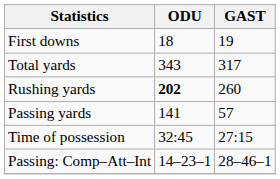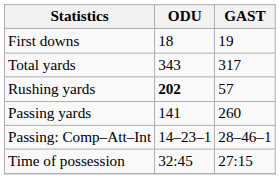 <table class="wikitable" style="float: left;">
 <tr>
 <th>Statistics</th>
 <th>ODU</th>
 <th>GAST</th>
 </tr>
 <tr>
 <td>First downs</td>
 <td>18</td>
 <td>19</td>
 </tr>
 <tr>
 <td>Total yards</td>
 <td>343</td>
 <td>317</td>
 </tr>
 <tr>
 <td>Rushing yards</td>
 <td><strong>202</strong></td>
-<td>260</td>
+<td>57</td>
 </tr>
 <tr>
 <td>Passing yards</td>
 <td>141</td>
-<td>57</td>
+<td>260</td>
+</tr>
+<tr>
+<td>Passing: Comp–Att–Int</td>
+<td>14–23–1</td>
+<td>28–46–1</td>
 </tr>
 <tr>
 <td>Time of possession</td>
 <td>32:45</td>
 <td>27:15</td>
 </tr>
 <tr>
-<td>Passing: Comp–Att–Int</td>
-<td>14–23–1</td>
-<td>28–46–1</td>
-</tr>
-<tr>
 </tr>
 </table>
